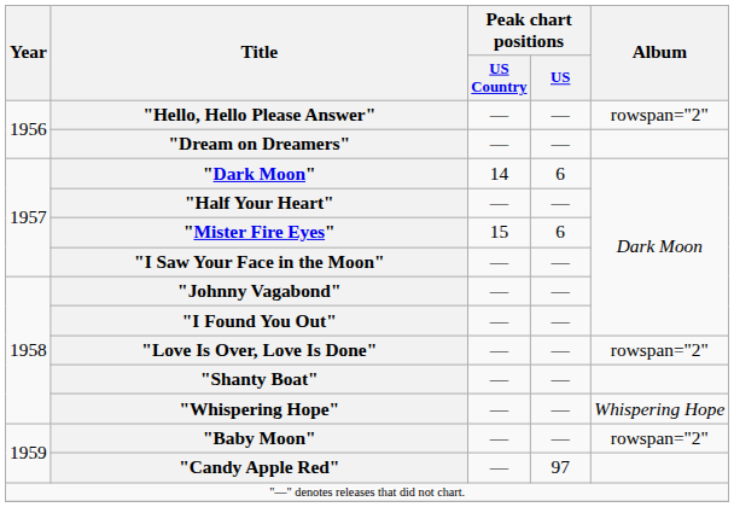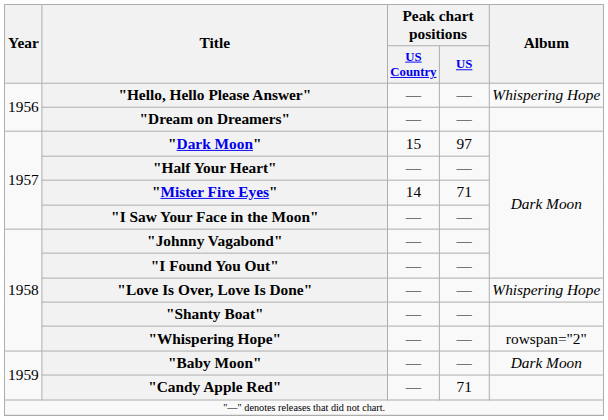 <table class="wikitable plainrowheaders" style="text-align:center;">
 <tr>
 <th rowspan="2">Year</th>
 <th rowspan="2" style="width:22em;">Title</th>
 <th colspan="2">Peak chart positions</th>
 <th rowspan="2">Album</th>
 </tr>
 <tr style="font-size:smaller;">
 <th width="45"><a href='#'>US Country</a><br></th>
 <th width="45"><a href='#'>US</a><br></th>
 </tr>
 <tr>
 <td rowspan="2">1956</td>
 <th scope="row">"Hello, Hello Please Answer"</th>
 <td>—</td>
 <td>—</td>
-<td>rowspan="2" </td>
+<td><em>Whispering Hope</em></td>
 </tr>
 <tr>
 <th scope="row">"Dream on Dreamers"</th>
 <td>—</td>
 <td>—</td>
 </tr>
 <tr>
 <td rowspan="4">1957</td>
 <th scope="row">"<a href='#'>Dark Moon</a>"</th>
-<td>14</td>
-<td>6</td>
+<td>15</td>
+<td>97</td>
 <td rowspan="6"><em>Dark Moon</em></td>
 </tr>
 <tr>
 <th scope="row">"Half Your Heart"</th>
 <td>—</td>
 <td>—</td>
 </tr>
 <tr>
 <th scope="row">"<a href='#'>Mister Fire Eyes</a>"</th>
-<td>15</td>
-<td>6</td>
+<td>14</td>
+<td>71</td>
 </tr>
 <tr>
 <th scope="row">"I Saw Your Face in the Moon"</th>
 <td>—</td>
 <td>—</td>
 </tr>
 <tr>
 <td rowspan="5">1958</td>
 <th scope="row">"Johnny Vagabond"</th>
 <td>—</td>
 <td>—</td>
 </tr>
 <tr>
 <th scope="row">"I Found You Out"</th>
 <td>—</td>
 <td>—</td>
 </tr>
 <tr>
 <th scope="row">"Love Is Over, Love Is Done"</th>
 <td>—</td>
 <td>—</td>
-<td>rowspan="2" </td>
+<td><em>Whispering Hope</em></td>
 </tr>
 <tr>
 <th scope="row">"Shanty Boat"</th>
 <td>—</td>
 <td>—</td>
 </tr>
 <tr>
 <th scope="row">"Whispering Hope"</th>
 <td>—</td>
 <td>—</td>
-<td><em>Whispering Hope</em></td>
+<td>rowspan="2" </td>
 </tr>
 <tr>
 <td rowspan="2">1959</td>
 <th scope="row">"Baby Moon"</th>
 <td>—</td>
 <td>—</td>
-<td>rowspan="2" </td>
+<td><em>Dark Moon</em></td>
 </tr>
 <tr>
 <th scope="row">"Candy Apple Red"</th>
 <td>—</td>
-<td>97</td>
+<td>71</td>
 <td></td>
 </tr>
 <tr>
 <td align="center" colspan="5" style="font-size: 8pt">"—" denotes releases that did not chart.</td>
 </tr>
 <tr>
 </tr>
 </table>
